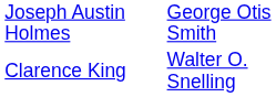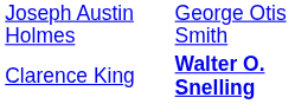 <table style="width: 40%; ; border: none; text-align: left;">
 <tr>
 <td><a href='#'>Joseph Austin Holmes</a></td>
 <td><a href='#'>George Otis Smith</a></td>
 </tr>
 <tr>
 <td><a href='#'>Clarence King</a></td>
-<td><a href='#'>Walter O. Snelling</a></td>
+<td><strong><a href='#'>Walter O. Snelling</a></strong></td>
 </tr>
 </table>
